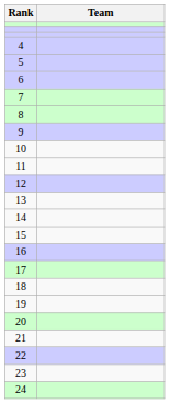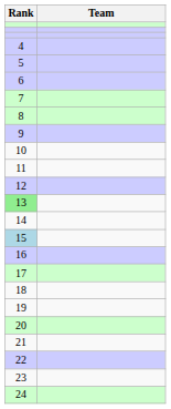 <table class="wikitable">
 <tr>
 <th style="width: 40px;">Rank</th>
 <th style="width: 180px;">Team</th>
 </tr>
 <tr style="background:#CCFFCC;">
 <td style="text-align: center;"></td>
 <td></td>
 </tr>
 <tr style="background:#CCCCFF;">
 <td style="text-align: center;"></td>
 <td></td>
 </tr>
 <tr style="background:#CCCCFF;">
 <td style="text-align: center;"></td>
 <td></td>
 </tr>
 <tr style="background:#CCCCFF;">
 <td style="text-align: center;">4</td>
 <td></td>
 </tr>
 <tr style="background:#CCCCFF;">
 <td style="text-align: center;">5</td>
 <td></td>
 </tr>
 <tr style="background:#CCCCFF;">
 <td style="text-align: center;">6</td>
 <td></td>
 </tr>
 <tr style="background:#CCFFCC;">
 <td style="text-align: center;">7</td>
 <td></td>
 </tr>
 <tr style="background:#CCFFCC;">
 <td style="text-align: center;">8</td>
 <td></td>
 </tr>
 <tr style="background:#CCCCFF;">
 <td style="text-align: center;">9</td>
 <td></td>
 </tr>
 <tr>
 <td style="text-align: center;">10</td>
 <td></td>
 </tr>
 <tr>
 <td style="text-align: center;">11</td>
 <td></td>
 </tr>
 <tr style="background:#CCCCFF;">
 <td style="text-align: center;">12</td>
 <td></td>
 </tr>
 <tr>
-<td style="text-align: center;">13</td>
+<td style="background: lightgreen; text-align: center;">13</td>
 <td></td>
 </tr>
 <tr>
 <td style="text-align: center;">14</td>
 <td></td>
 </tr>
 <tr>
-<td style="text-align: center;">15</td>
+<td style="background: lightblue; text-align: center;">15</td>
 <td></td>
 </tr>
 <tr style="background:#CCCCFF;">
 <td style="text-align: center;">16</td>
 <td></td>
 </tr>
 <tr style="background:#CCFFCC;">
 <td style="text-align: center;">17</td>
 <td></td>
 </tr>
 <tr>
 <td style="text-align: center;">18</td>
 <td></td>
 </tr>
 <tr>
 <td style="text-align: center;">19</td>
 <td></td>
 </tr>
 <tr style="background:#CCFFCC;">
 <td style="text-align: center;">20</td>
 <td></td>
 </tr>
 <tr>
 <td style="text-align: center;">21</td>
 <td></td>
 </tr>
 <tr style="background:#CCCCFF;">
 <td style="text-align: center;">22</td>
 <td></td>
 </tr>
 <tr>
 <td style="text-align: center;">23</td>
 <td></td>
 </tr>
 <tr style="background:#CCFFCC;">
 <td style="text-align: center;">24</td>
 <td></td>
 </tr>
 </table>
